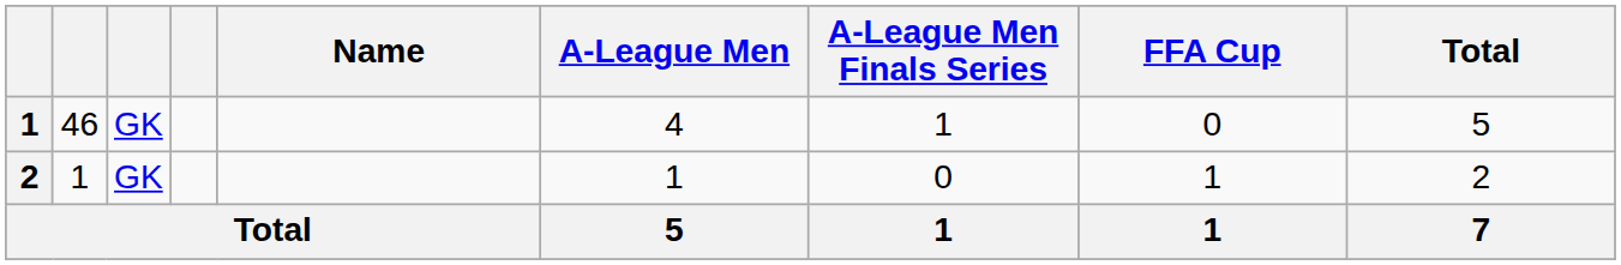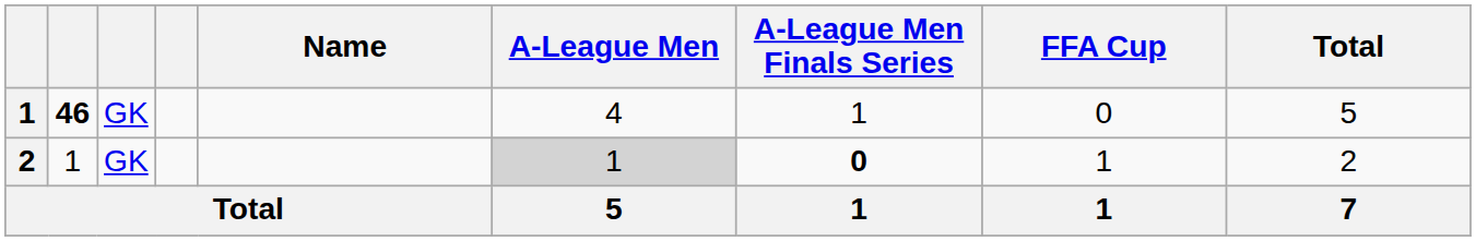 <table class="wikitable" style="text-align:center">
 <tr>
 <th width=15></th>
 <th width=15></th>
 <th width=15></th>
 <th width=15></th>
 <th width=145>Name</th>
 <th width=120><a href='#'>A-League Men</a></th>
 <th width=120><a href='#'>A-League Men Finals Series</a></th>
 <th width=120><a href='#'>FFA Cup</a></th>
 <th width=120>Total</th>
 </tr>
 <tr>
 <th>1</th>
-<td>46</td>
+<td><strong>46</strong></td>
 <td><a href='#'>GK</a></td>
 <td></td>
 <td align="left"></td>
 <td>4</td>
 <td>1</td>
 <td>0</td>
 <td>5</td>
 </tr>
 <tr>
 <th>2</th>
 <td>1</td>
 <td><a href='#'>GK</a></td>
 <td></td>
 <td align="left"></td>
-<td>1</td>
-<td>0</td>
+<td style="background: lightgrey;">1</td>
+<td><strong>0</strong></td>
 <td>1</td>
 <td>2</td>
 </tr>
 <tr>
 <th colspan="5">Total</th>
 <th>5</th>
 <th>1</th>
 <th>1</th>
 <th>7</th>
 </tr>
 </table>
